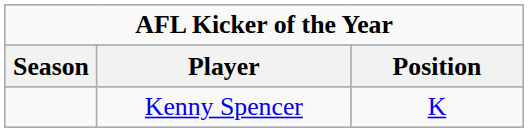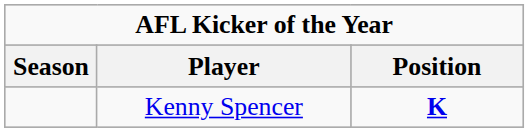 <table class="wikitable sortable" style="text-align:center">
 <tr>
 <td colspan="4"><strong>AFL Kicker of the Year</strong></td>
 </tr>
 <tr>
 <th style="width:50px; ">Season</th>
 <th style="width:150px; ">Player</th>
 <th style="width:100px; ">Position</th>
 </tr>
 <tr>
 <td></td>
 <td><a href='#'>Kenny Spencer</a></td>
-<td><a href='#'>K</a></td>
+<td><strong><a href='#'>K</a></strong></td>
 </tr>
 </table>
